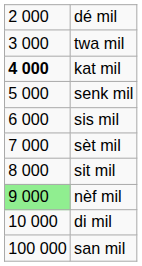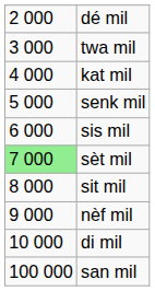 <table class="wikitable" style="float:left; margin-right:0.5em">
 <tr>
 <td>2 000</td>
 <td>dé mil</td>
 </tr>
 <tr>
 <td>3 000</td>
 <td>twa mil</td>
 </tr>
 <tr>
-<td><strong>4 000</strong></td>
+<td>4 000</td>
 <td>kat mil</td>
 </tr>
 <tr>
 <td>5 000</td>
 <td>senk mil</td>
 </tr>
 <tr>
 <td>6 000</td>
 <td>sis mil</td>
 </tr>
 <tr>
-<td>7 000</td>
+<td style="background: lightgreen;">7 000</td>
 <td>sèt mil</td>
 </tr>
 <tr>
 <td>8 000</td>
 <td>sit mil</td>
 </tr>
 <tr>
-<td style="background: lightgreen;">9 000</td>
+<td>9 000</td>
 <td>nèf mil</td>
 </tr>
 <tr>
 <td>10 000</td>
 <td>di mil</td>
 </tr>
 <tr>
 <td>100 000</td>
 <td>san mil</td>
 </tr>
 </table>
